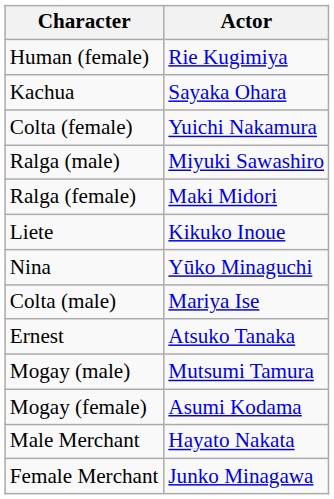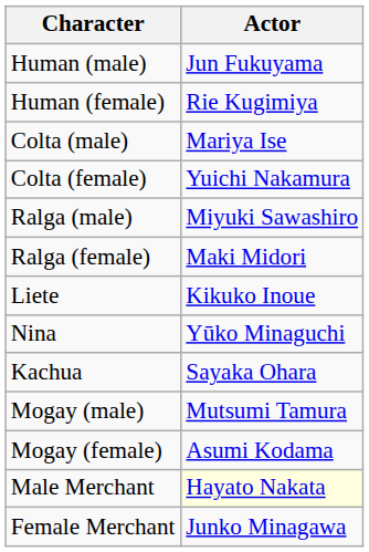 <table class="wikitable collapsible collapsed" style="display:table; clear:none; float:right; font-size:90%; margin:0.25em; min-width: 14em;" cellpadding="3">
 <tr>
 <th scope="col">Character</th>
 <th scope="col">Actor</th>
 </tr>
 <tr>
+<td>Human (male)</td>
+<td><a href='#'>Jun Fukuyama</a></td>
+</tr>
+<tr>
 <td>Human (female)</td>
 <td><a href='#'>Rie Kugimiya</a></td>
 </tr>
 <tr>
-<td>Kachua</td>
-<td><a href='#'>Sayaka Ohara</a></td>
+<td>Colta (male)</td>
+<td><a href='#'>Mariya Ise</a></td>
 </tr>
 <tr>
 <td>Colta (female)</td>
 <td><a href='#'>Yuichi Nakamura</a></td>
 </tr>
 <tr>
 <td>Ralga (male)</td>
 <td><a href='#'>Miyuki Sawashiro</a></td>
 </tr>
 <tr>
 <td>Ralga (female)</td>
 <td><a href='#'>Maki Midori</a></td>
 </tr>
 <tr>
 <td>Liete</td>
 <td><a href='#'>Kikuko Inoue</a></td>
 </tr>
 <tr>
 <td>Nina</td>
 <td><a href='#'>Yūko Minaguchi</a></td>
 </tr>
 <tr>
-<td>Colta (male)</td>
-<td><a href='#'>Mariya Ise</a></td>
-</tr>
-<tr>
-<td>Ernest</td>
-<td><a href='#'>Atsuko Tanaka</a></td>
+<td>Kachua</td>
+<td><a href='#'>Sayaka Ohara</a></td>
 </tr>
 <tr>
 <td>Mogay (male)</td>
 <td><a href='#'>Mutsumi Tamura</a></td>
 </tr>
 <tr>
 <td>Mogay (female)</td>
 <td><a href='#'>Asumi Kodama</a></td>
 </tr>
 <tr>
 <td>Male Merchant</td>
-<td><a href='#'>Hayato Nakata</a></td>
+<td style="background: lightyellow;"><a href='#'>Hayato Nakata</a></td>
 </tr>
 <tr>
 <td>Female Merchant</td>
 <td><a href='#'>Junko Minagawa</a></td>
 </tr>
 </table>
